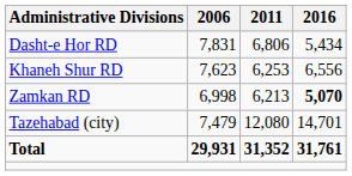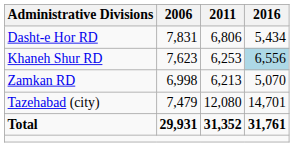 <table class="wikitable">
 <tr>
 <th>Administrative Divisions</th>
 <th>2006</th>
 <th>2011</th>
 <th>2016</th>
 </tr>
 <tr>
 <td><a href='#'>Dasht-e Hor RD</a></td>
 <td style="text-align: right;">7,831</td>
 <td style="text-align: right;">6,806</td>
 <td style="text-align: right;">5,434</td>
 </tr>
 <tr>
 <td><a href='#'>Khaneh Shur RD</a></td>
 <td style="text-align: right;">7,623</td>
 <td style="text-align: right;">6,253</td>
-<td style="text-align: right;">6,556</td>
+<td style="background: lightblue; text-align: right;">6,556</td>
 </tr>
 <tr>
 <td><a href='#'>Zamkan RD</a></td>
 <td style="text-align: right;">6,998</td>
 <td style="text-align: right;">6,213</td>
-<td style="text-align: right;"><strong>5,070</strong></td>
+<td style="text-align: right;">5,070</td>
 </tr>
 <tr>
 <td><a href='#'>Tazehabad</a> (city)</td>
 <td style="text-align: right;">7,479</td>
 <td style="text-align: right;">12,080</td>
 <td style="text-align: right;">14,701</td>
 </tr>
 <tr>
 <td><strong>Total</strong></td>
 <td style="text-align: right;"><strong>29,931</strong></td>
 <td style="text-align: right;"><strong>31,352</strong></td>
 <td style="text-align: right;"><strong>31,761</strong></td>
 </tr>
 <tr>
 <td colspan=4></td>
 </tr>
 </table>
